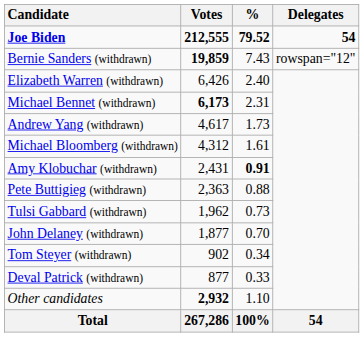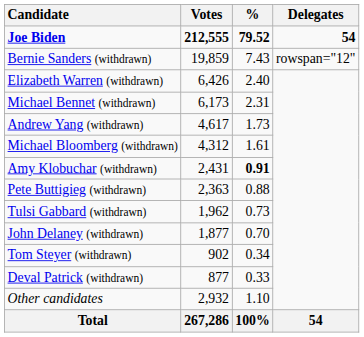 <table class="wikitable sortable" style="text-align:right;">
 <tr>
 <th style="text-align:left;">Candidate</th>
 <th>Votes</th>
 <th>%</th>
 <th>Delegates</th>
 </tr>
 <tr>
 <td style="text-align:left;" data-sort-value="Biden, Joe"><strong><a href='#'>Joe Biden</a></strong></td>
 <td><strong>212,555</strong></td>
 <td><strong>79.52</strong></td>
 <td><strong>54</strong></td>
 </tr>
 <tr>
 <td style="text-align:left;" data-sort-value="Sanders, Bernie"><a href='#'>Bernie Sanders</a> <small>(withdrawn)</small></td>
-<td><strong>19,859</strong></td>
+<td>19,859</td>
 <td>7.43</td>
 <td>rowspan="12" </td>
 </tr>
 <tr>
 <td style="text-align:left;" data-sort-value="Warren, Elizabeth"><a href='#'>Elizabeth Warren</a> <small>(withdrawn)</small></td>
 <td>6,426</td>
 <td>2.40</td>
 </tr>
 <tr>
 <td style="text-align:left;" data-sort-value="Bennet, Michael"><a href='#'>Michael Bennet</a> <small>(withdrawn)</small></td>
-<td><strong>6,173</strong></td>
+<td>6,173</td>
 <td>2.31</td>
 </tr>
 <tr>
 <td style="text-align:left;" data-sort-value="Yang, Andrew"><a href='#'>Andrew Yang</a> <small>(withdrawn)</small></td>
 <td>4,617</td>
 <td>1.73</td>
 </tr>
 <tr>
 <td style="text-align:left;" data-sort-value="Bloomberg, Michael"><a href='#'>Michael Bloomberg</a> <small>(withdrawn)</small></td>
 <td>4,312</td>
 <td>1.61</td>
 </tr>
 <tr>
 <td style="text-align:left;" data-sort-value="Klobuchar, Amy"><a href='#'>Amy Klobuchar</a> <small>(withdrawn)</small></td>
 <td>2,431</td>
 <td><strong>0.91</strong></td>
 </tr>
 <tr>
 <td style="text-align:left;" data-sort-value="Buttigieg, Pete"><a href='#'>Pete Buttigieg</a> <small>(withdrawn)</small></td>
 <td>2,363</td>
 <td>0.88</td>
 </tr>
 <tr>
 <td style="text-align:left;" data-sort-value="Gabbard, Tulsi"><a href='#'>Tulsi Gabbard</a> <small>(withdrawn)</small></td>
 <td>1,962</td>
 <td>0.73</td>
 </tr>
 <tr>
 <td style="text-align:left;" data-sort-value="Delaney, John"><a href='#'>John Delaney</a> <small>(withdrawn)</small></td>
 <td>1,877</td>
 <td>0.70</td>
 </tr>
 <tr>
 <td style="text-align:left;" data-sort-value="Steyer, Tom"><a href='#'>Tom Steyer</a> <small>(withdrawn)</small></td>
 <td>902</td>
 <td>0.34</td>
 </tr>
 <tr>
 <td style="text-align:left;" data-sort-value="Patrick, Deval"><a href='#'>Deval Patrick</a> <small>(withdrawn)</small></td>
 <td>877</td>
 <td>0.33</td>
 </tr>
 <tr>
 <td style="text-align:left;" data-sort-value="ZZ"><em>Other candidates</em></td>
-<td><strong>2,932</strong></td>
+<td>2,932</td>
 <td>1.10</td>
 </tr>
 <tr>
 <th>Total</th>
 <th>267,286</th>
 <th>100%</th>
 <th>54</th>
 </tr>
 </table>
